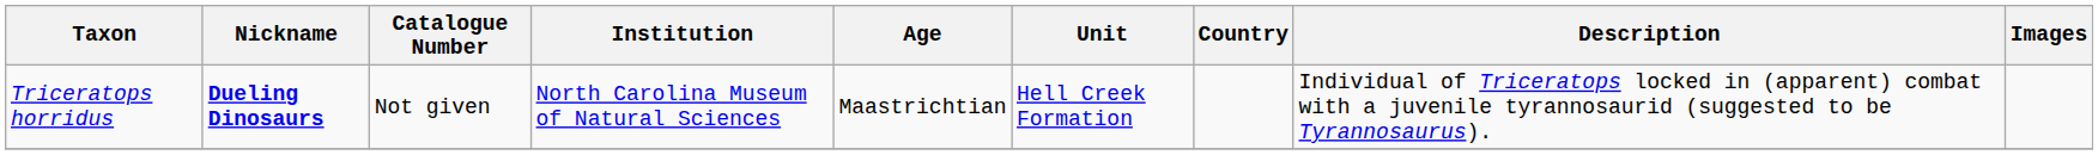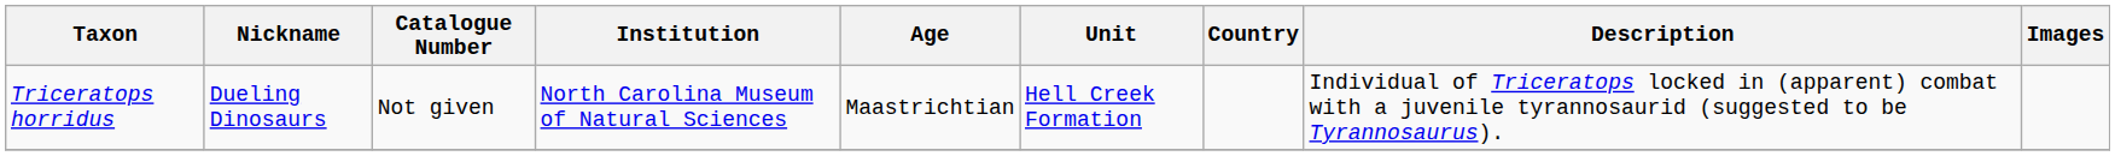 <table class="wikitable sortable" align="center" width="100%">
 <tr>
 <th>Taxon</th>
 <th>Nickname</th>
 <th>Catalogue Number</th>
 <th>Institution</th>
 <th>Age</th>
 <th>Unit</th>
 <th>Country</th>
 <th>Description</th>
 <th>Images</th>
 </tr>
 <tr>
 <td><em><a href='#'>Triceratops horridus</a></em></td>
-<td><strong><a href='#'>Dueling Dinosaurs</a></strong></td>
+<td><a href='#'>Dueling Dinosaurs</a></td>
 <td>Not given</td>
 <td><a href='#'>North Carolina Museum of Natural Sciences</a></td>
 <td>Maastrichtian</td>
 <td><a href='#'>Hell Creek Formation</a></td>
 <td></td>
 <td>Individual of <em><a href='#'>Triceratops</a></em> locked in (apparent) combat with a juvenile tyrannosaurid (suggested to be <em><a href='#'>Tyrannosaurus</a></em>).</td>
 <td></td>
 </tr>
 <tr>
 </tr>
 </table>
